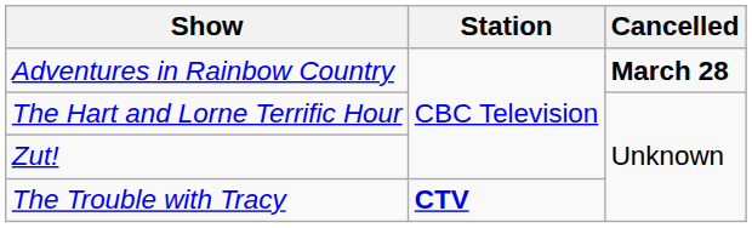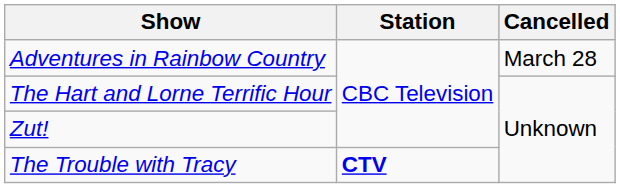 <table class="wikitable">
 <tr>
 <th>Show</th>
 <th>Station</th>
 <th>Cancelled</th>
 </tr>
 <tr>
 <td><em><a href='#'>Adventures in Rainbow Country</a></em></td>
 <td rowspan="3"><a href='#'>CBC Television</a></td>
-<td><strong>March 28</strong></td>
+<td>March 28</td>
 </tr>
 <tr>
 <td><em><a href='#'>The Hart and Lorne Terrific Hour</a></em></td>
 <td rowspan="3">Unknown</td>
 </tr>
 <tr>
 <td><em><a href='#'>Zut!</a></em></td>
 </tr>
 <tr>
 <td><em><a href='#'>The Trouble with Tracy</a></em></td>
 <td><strong><a href='#'>CTV</a></strong></td>
 </tr>
 </table>
